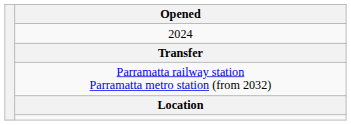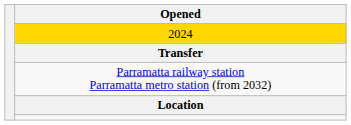 <table class=wikitable style="text-align: center; width: 450px; float:right">
 <tr>
 <th rowspan="6"></th>
 <th>Opened</th>
 </tr>
 <tr>
-<td>2024</td>
+<td style="background: gold;">2024</td>
 </tr>
 <tr>
 <th>Transfer</th>
 </tr>
 <tr>
 <td><a href='#'>Parramatta railway station</a><br><a href='#'>Parramatta metro station</a> (from 2032)</td>
 </tr>
 <tr>
 <th>Location</th>
 </tr>
 <tr>
 <td></td>
 </tr>
 </table>
